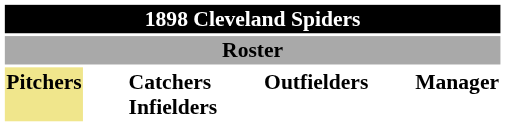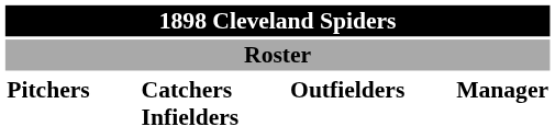 <table class="toccolours" style="font-size: 95%;">
 <tr>
 <th colspan="10" style="background-color: #000000; color: #FFFFFF; text-align: center;">1898 Cleveland Spiders</th>
 </tr>
 <tr>
 <td colspan="10" style="background-color: #A9A9A9; color: #000000; text-align: center;"><strong>Roster</strong></td>
 </tr>
 <tr>
-<td valign="top" style="background: khaki;"><strong>Pitchers</strong><br>         </td>
+<td valign="top"><strong>Pitchers</strong><br>         </td>
 <td width="25px"></td>
 <td valign="top"><strong>Catchers</strong><br>   <strong>Infielders</strong>      </td>
 <td width="25px"></td>
 <td valign="top"><strong>Outfielders</strong><br>      </td>
 <td width="25px"></td>
 <td valign="top"><strong>Manager</strong><br></td>
 </tr>
 </table>
